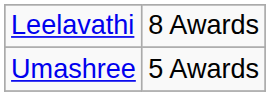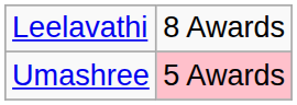 <table class="wikitable sortable">
 <tr>
 <td><a href='#'>Leelavathi</a></td>
 <td>8 Awards</td>
 </tr>
 <tr>
 <td><a href='#'>Umashree</a></td>
-<td>5 Awards</td>
+<td style="background: pink;">5 Awards</td>
 </tr>
 </table>
